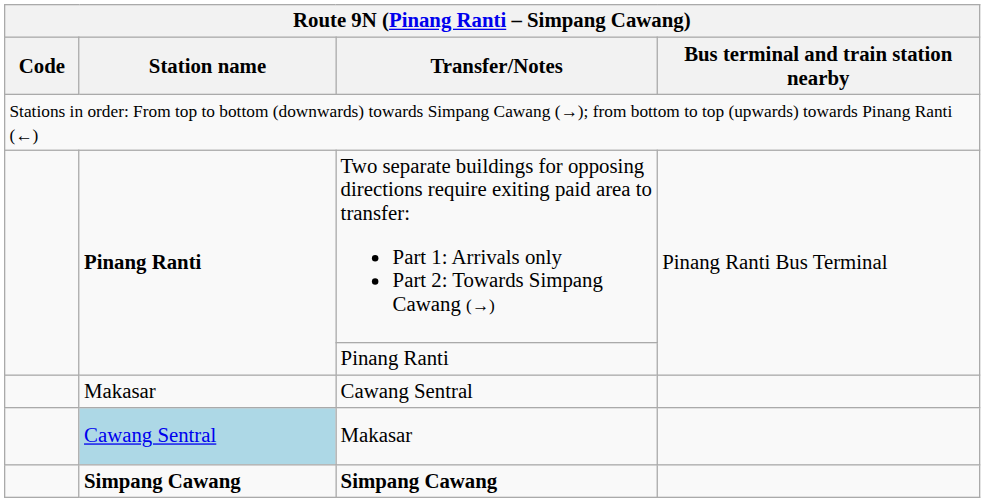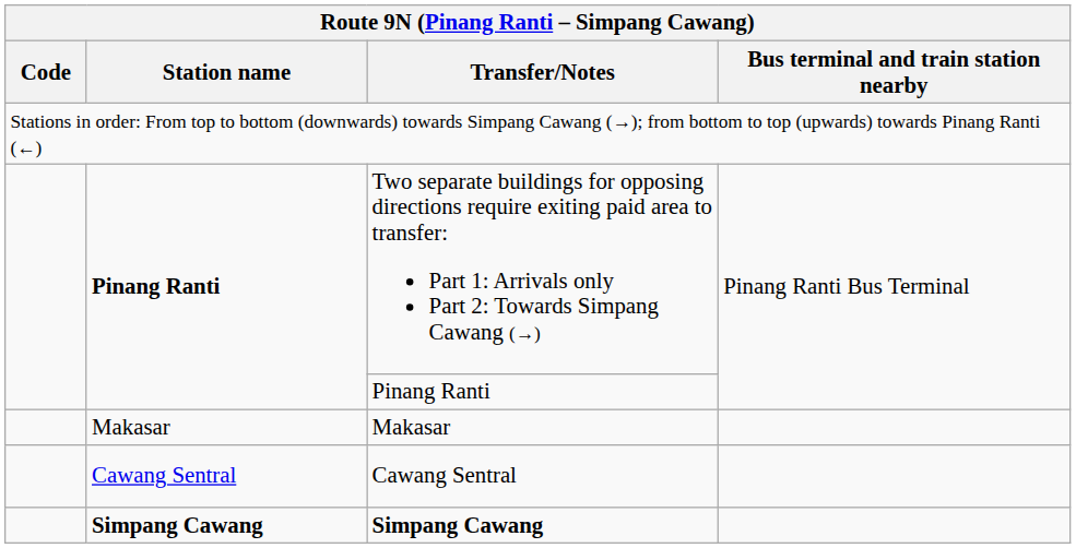 <table class="wikitable" style="font-size:100%">
 <tr>
 <th colspan="4" align="left"> Route 9N (<a href='#'>Pinang Ranti</a> – Simpang Cawang)</th>
 </tr>
 <tr>
 <th width="50">Code</th>
 <th width="190">Station name</th>
 <th width="240">Transfer/Notes</th>
 <th width="240">Bus terminal and train station nearby</th>
 </tr>
 <tr>
 <td colspan="4"><small>Stations in order: From top to bottom (downwards) towards Simpang Cawang (→); from bottom to top (upwards) towards Pinang Ranti (←)</small></td>
 </tr>
 <tr>
 <td rowspan="2" align="center"><strong></strong></td>
 <td rowspan="2"><strong>Pinang Ranti</strong></td>
 <td>Two separate buildings for opposing directions require exiting paid area to transfer:<br><ul><li>Part 1: Arrivals only</li><li>Part 2: Towards Simpang Cawang <small>(→)</small></li></ul></td>
 <td rowspan="2"> Pinang Ranti Bus Terminal</td>
 </tr>
 <tr>
 <td>  Pinang Ranti</td>
 </tr>
 <tr>
 <td align="center"><strong></strong></td>
 <td>Makasar</td>
-<td>      Cawang Sentral</td>
+<td>  Makasar</td>
 <td> </td>
 </tr>
 <tr>
 <td align="center"><strong></strong><br><strong></strong><br><strong></strong></td>
-<td style="background: lightblue;"><a href='#'>Cawang Sentral</a></td>
-<td>  Makasar</td>
+<td><a href='#'>Cawang Sentral</a></td>
+<td>      Cawang Sentral</td>
 <td></td>
 </tr>
 <tr>
 <td align="center"><strong></strong></td>
 <td><strong>Simpang Cawang</strong></td>
 <td><strong> Simpang Cawang</strong></td>
 <td></td>
 </tr>
 </table>
